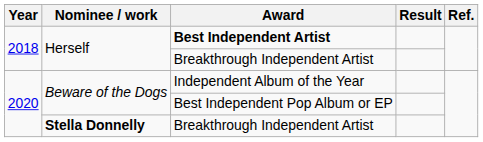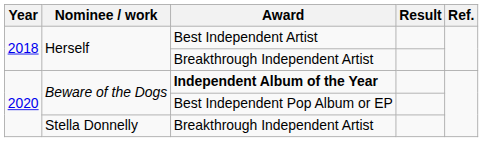 <table class="wikitable">
 <tr>
 <th>Year</th>
 <th>Nominee / work</th>
 <th>Award</th>
 <th>Result</th>
 <th>Ref.</th>
 </tr>
 <tr>
 <td rowspan="2"><a href='#'>2018</a></td>
 <td rowspan="2">Herself</td>
-<td><strong>Best Independent Artist</strong></td>
+<td>Best Independent Artist</td>
 <td></td>
 <td rowspan="2"></td>
 </tr>
 <tr>
 <td>Breakthrough Independent Artist</td>
 <td></td>
 </tr>
 <tr>
 <td rowspan="3"><a href='#'>2020</a></td>
 <td rowspan="2"><em>Beware of the Dogs</em></td>
-<td>Independent Album of the Year</td>
+<td><strong>Independent Album of the Year</strong></td>
 <td></td>
 <td rowspan="3"></td>
 </tr>
 <tr>
 <td>Best Independent Pop Album or EP</td>
 <td></td>
 </tr>
 <tr>
-<td><strong>Stella Donnelly</strong></td>
+<td>Stella Donnelly</td>
 <td>Breakthrough Independent Artist</td>
 <td></td>
 </tr>
 </table>
